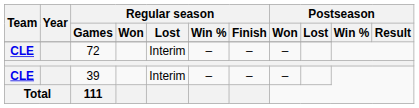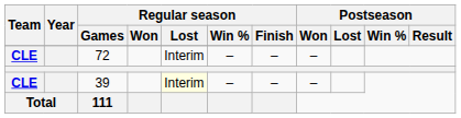 <table class="wikitable" style="font-size: 95%; text-align:center;">
 <tr>
 <th rowspan="2">Team</th>
 <th rowspan="2">Year</th>
 <th colspan="5">Regular season</th>
 <th colspan="4">Postseason</th>
 </tr>
 <tr>
 <th>Games</th>
 <th>Won</th>
 <th>Lost</th>
 <th>Win %</th>
 <th>Finish</th>
 <th>Won</th>
 <th>Lost</th>
 <th>Win %</th>
 <th>Result</th>
 </tr>
 <tr>
 </tr>
 <tr>
 <th><a href='#'>CLE</a></th>
 <th></th>
 <td>72</td>
 <td></td>
 <td>Interim</td>
 <td>–</td>
 <td>–</td>
 <td>–</td>
 <td></td>
 </tr>
 <tr>
 <th colspan=11></th>
 </tr>
 <tr>
 <th><a href='#'>CLE</a></th>
 <th></th>
 <td>39</td>
 <td></td>
-<td>Interim</td>
+<td style="background: lightyellow;">Interim</td>
 <td>–</td>
 <td>–</td>
 <td>–</td>
 <td></td>
 </tr>
 <tr>
 <th colspan="2">Total</th>
 <th>111</th>
 <th></th>
 <th></th>
 <th></th>
 <th></th>
 </tr>
 </table>
